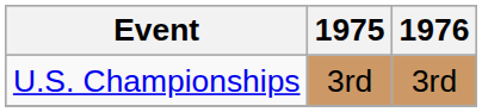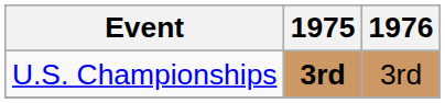 <table class="wikitable">
 <tr>
 <th>Event</th>
 <th>1975</th>
 <th>1976</th>
 </tr>
 <tr>
 <td><a href='#'>U.S. Championships</a></td>
-<td align="center" bgcolor="#cc9966">3rd</td>
+<td align="center" bgcolor="#cc9966"><strong>3rd</strong></td>
 <td align="center" bgcolor="#cc9966">3rd</td>
 </tr>
 <tr>
 </tr>
 </table>
